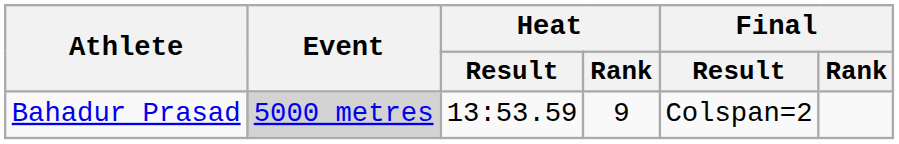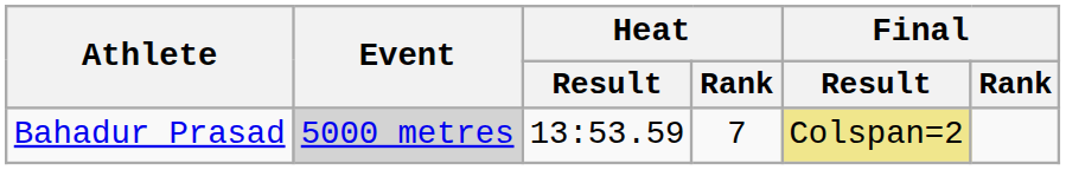 <table class="wikitable" style="font-size:90%">
 <tr>
 <th rowspan="2">Athlete</th>
 <th rowspan="2">Event</th>
 <th colspan="2">Heat</th>
 <th colspan="2">Final</th>
 </tr>
 <tr style="font-size:95%">
 <th>Result</th>
 <th>Rank</th>
 <th>Result</th>
 <th>Rank</th>
 </tr>
 <tr style="text-align:center">
 <td style="text-align:left"><a href='#'>Bahadur Prasad</a></td>
 <td style="background: lightgrey; text-align:left"><a href='#'>5000 metres</a></td>
 <td>13:53.59</td>
-<td>9</td>
-<td>Colspan=2 </td>
+<td>7</td>
+<td style="background: khaki;">Colspan=2 </td>
 </tr>
 </table>
